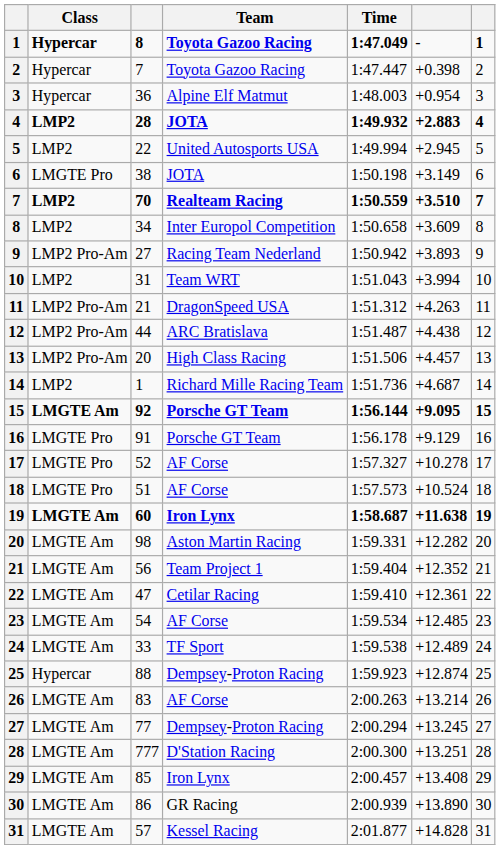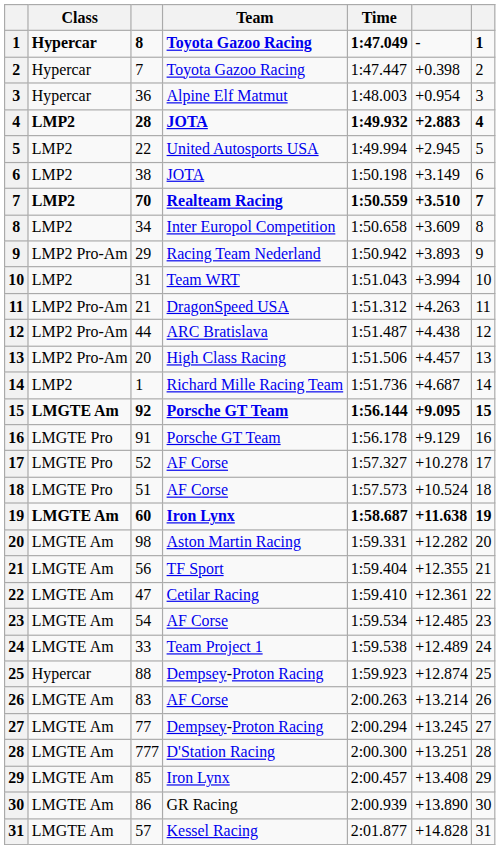 <table class="wikitable" style="font-size: 85%;">
 <tr>
 <th></th>
 <th>Class</th>
 <th></th>
 <th>Team</th>
 <th>Time</th>
 <th></th>
 <th></th>
 </tr>
 <tr>
 <th>1</th>
 <td><strong>Hypercar</strong></td>
 <td><strong>8</strong></td>
 <td><strong> <a href='#'>Toyota Gazoo Racing</a></strong></td>
 <td><strong>1:47.049</strong></td>
 <td>-</td>
 <td><strong>1</strong></td>
 </tr>
 <tr>
 <th>2</th>
 <td>Hypercar</td>
 <td>7</td>
 <td> <a href='#'>Toyota Gazoo Racing</a></td>
 <td>1:47.447</td>
 <td>+0.398</td>
 <td>2</td>
 </tr>
 <tr>
 <th>3</th>
 <td>Hypercar</td>
 <td>36</td>
 <td> <a href='#'>Alpine Elf Matmut</a></td>
 <td>1:48.003</td>
 <td>+0.954</td>
 <td>3</td>
 </tr>
 <tr>
 <th>4</th>
 <td><strong>LMP2</strong></td>
 <td><strong>28</strong></td>
 <td><strong> <a href='#'>JOTA</a></strong></td>
 <td><strong>1:49.932</strong></td>
 <td><strong>+2.883</strong></td>
 <td><strong>4</strong></td>
 </tr>
 <tr>
 <th>5</th>
 <td>LMP2</td>
 <td>22</td>
 <td> <a href='#'>United Autosports USA</a></td>
 <td>1:49.994</td>
 <td>+2.945</td>
 <td>5</td>
 </tr>
 <tr>
 <th>6</th>
-<td>LMGTE Pro</td>
+<td>LMP2</td>
 <td>38</td>
 <td> <a href='#'>JOTA</a></td>
 <td>1:50.198</td>
 <td>+3.149</td>
 <td>6</td>
 </tr>
 <tr>
 <th>7</th>
 <td><strong>LMP2</strong></td>
 <td><strong>70</strong></td>
 <td><strong> <a href='#'>Realteam Racing</a></strong></td>
 <td><strong>1:50.559</strong></td>
 <td><strong>+3.510</strong></td>
 <td><strong>7</strong></td>
 </tr>
 <tr>
 <th>8</th>
 <td>LMP2</td>
 <td>34</td>
 <td> <a href='#'>Inter Europol Competition</a></td>
 <td>1:50.658</td>
 <td>+3.609</td>
 <td>8</td>
 </tr>
 <tr>
 <th>9</th>
 <td>LMP2 Pro-Am</td>
-<td>27</td>
+<td>29</td>
 <td> <a href='#'>Racing Team Nederland</a></td>
 <td>1:50.942</td>
 <td>+3.893</td>
 <td>9</td>
 </tr>
 <tr>
 <th>10</th>
 <td>LMP2</td>
 <td>31</td>
 <td> <a href='#'>Team WRT</a></td>
 <td>1:51.043</td>
 <td>+3.994</td>
 <td>10</td>
 </tr>
 <tr>
 <th>11</th>
 <td>LMP2 Pro-Am</td>
 <td>21</td>
 <td> <a href='#'>DragonSpeed USA</a></td>
 <td>1:51.312</td>
 <td>+4.263</td>
 <td>11</td>
 </tr>
 <tr>
 <th>12</th>
 <td>LMP2 Pro-Am</td>
 <td>44</td>
 <td> <a href='#'>ARC Bratislava</a></td>
 <td>1:51.487</td>
 <td>+4.438</td>
 <td>12</td>
 </tr>
 <tr>
 <th>13</th>
 <td>LMP2 Pro-Am</td>
 <td>20</td>
 <td> <a href='#'>High Class Racing</a></td>
 <td>1:51.506</td>
 <td>+4.457</td>
 <td>13</td>
 </tr>
 <tr>
 <th>14</th>
 <td>LMP2</td>
 <td>1</td>
 <td> <a href='#'>Richard Mille Racing Team</a></td>
 <td>1:51.736</td>
 <td>+4.687</td>
 <td>14</td>
 </tr>
 <tr>
 <th>15</th>
 <td><strong>LMGTE Am</strong></td>
 <td><strong>92</strong></td>
 <td><strong> <a href='#'>Porsche GT Team</a></strong></td>
 <td><strong>1:56.144</strong></td>
 <td><strong>+9.095</strong></td>
 <td><strong>15</strong></td>
 </tr>
 <tr>
 <th>16</th>
 <td>LMGTE Pro</td>
 <td>91</td>
 <td> <a href='#'>Porsche GT Team</a></td>
 <td>1:56.178</td>
 <td>+9.129</td>
 <td>16</td>
 </tr>
 <tr>
 <th>17</th>
 <td>LMGTE Pro</td>
 <td>52</td>
 <td> <a href='#'>AF Corse</a></td>
 <td>1:57.327</td>
 <td>+10.278</td>
 <td>17</td>
 </tr>
 <tr>
 <th>18</th>
 <td>LMGTE Pro</td>
 <td>51</td>
 <td> <a href='#'>AF Corse</a></td>
 <td>1:57.573</td>
 <td>+10.524</td>
 <td>18</td>
 </tr>
 <tr>
 <th>19</th>
 <td><strong>LMGTE Am</strong></td>
 <td><strong>60</strong></td>
 <td><strong> <a href='#'>Iron Lynx</a></strong></td>
 <td><strong>1:58.687</strong></td>
 <td><strong>+11.638</strong></td>
 <td><strong>19</strong></td>
 </tr>
 <tr>
 <th>20</th>
 <td>LMGTE Am</td>
 <td>98</td>
 <td> <a href='#'>Aston Martin Racing</a></td>
 <td>1:59.331</td>
 <td>+12.282</td>
 <td>20</td>
 </tr>
 <tr>
 <th>21</th>
 <td>LMGTE Am</td>
 <td>56</td>
-<td> <a href='#'>Team Project 1</a></td>
+<td> <a href='#'>TF Sport</a></td>
 <td>1:59.404</td>
-<td>+12.352</td>
+<td>+12.355</td>
 <td>21</td>
 </tr>
 <tr>
 <th>22</th>
 <td>LMGTE Am</td>
 <td>47</td>
 <td> <a href='#'>Cetilar Racing</a></td>
 <td>1:59.410</td>
 <td>+12.361</td>
 <td>22</td>
 </tr>
 <tr>
 <th>23</th>
 <td>LMGTE Am</td>
 <td>54</td>
 <td> <a href='#'>AF Corse</a></td>
 <td>1:59.534</td>
 <td>+12.485</td>
 <td>23</td>
 </tr>
 <tr>
 <th>24</th>
 <td>LMGTE Am</td>
 <td>33</td>
-<td> <a href='#'>TF Sport</a></td>
+<td> <a href='#'>Team Project 1</a></td>
 <td>1:59.538</td>
 <td>+12.489</td>
 <td>24</td>
 </tr>
 <tr>
 <th>25</th>
 <td>Hypercar</td>
 <td>88</td>
 <td> <a href='#'>Dempsey</a>-<a href='#'>Proton Racing</a></td>
 <td>1:59.923</td>
 <td>+12.874</td>
 <td>25</td>
 </tr>
 <tr>
 <th>26</th>
 <td>LMGTE Am</td>
 <td>83</td>
 <td> <a href='#'>AF Corse</a></td>
 <td>2:00.263</td>
 <td>+13.214</td>
 <td>26</td>
 </tr>
 <tr>
 <th>27</th>
 <td>LMGTE Am</td>
 <td>77</td>
 <td> <a href='#'>Dempsey</a>-<a href='#'>Proton Racing</a></td>
 <td>2:00.294</td>
 <td>+13.245</td>
 <td>27</td>
 </tr>
 <tr>
 <th>28</th>
 <td>LMGTE Am</td>
 <td>777</td>
 <td> <a href='#'>D'Station Racing</a></td>
 <td>2:00.300</td>
 <td>+13.251</td>
 <td>28</td>
 </tr>
 <tr>
 <th>29</th>
 <td>LMGTE Am</td>
 <td>85</td>
 <td> <a href='#'>Iron Lynx</a></td>
 <td>2:00.457</td>
 <td>+13.408</td>
 <td>29</td>
 </tr>
 <tr>
 <th>30</th>
 <td>LMGTE Am</td>
 <td>86</td>
 <td> GR Racing</td>
 <td>2:00.939</td>
 <td>+13.890</td>
 <td>30</td>
 </tr>
 <tr>
 <th>31</th>
 <td>LMGTE Am</td>
 <td>57</td>
 <td> <a href='#'>Kessel Racing</a></td>
 <td>2:01.877</td>
 <td>+14.828</td>
 <td>31</td>
 </tr>
 </table>
